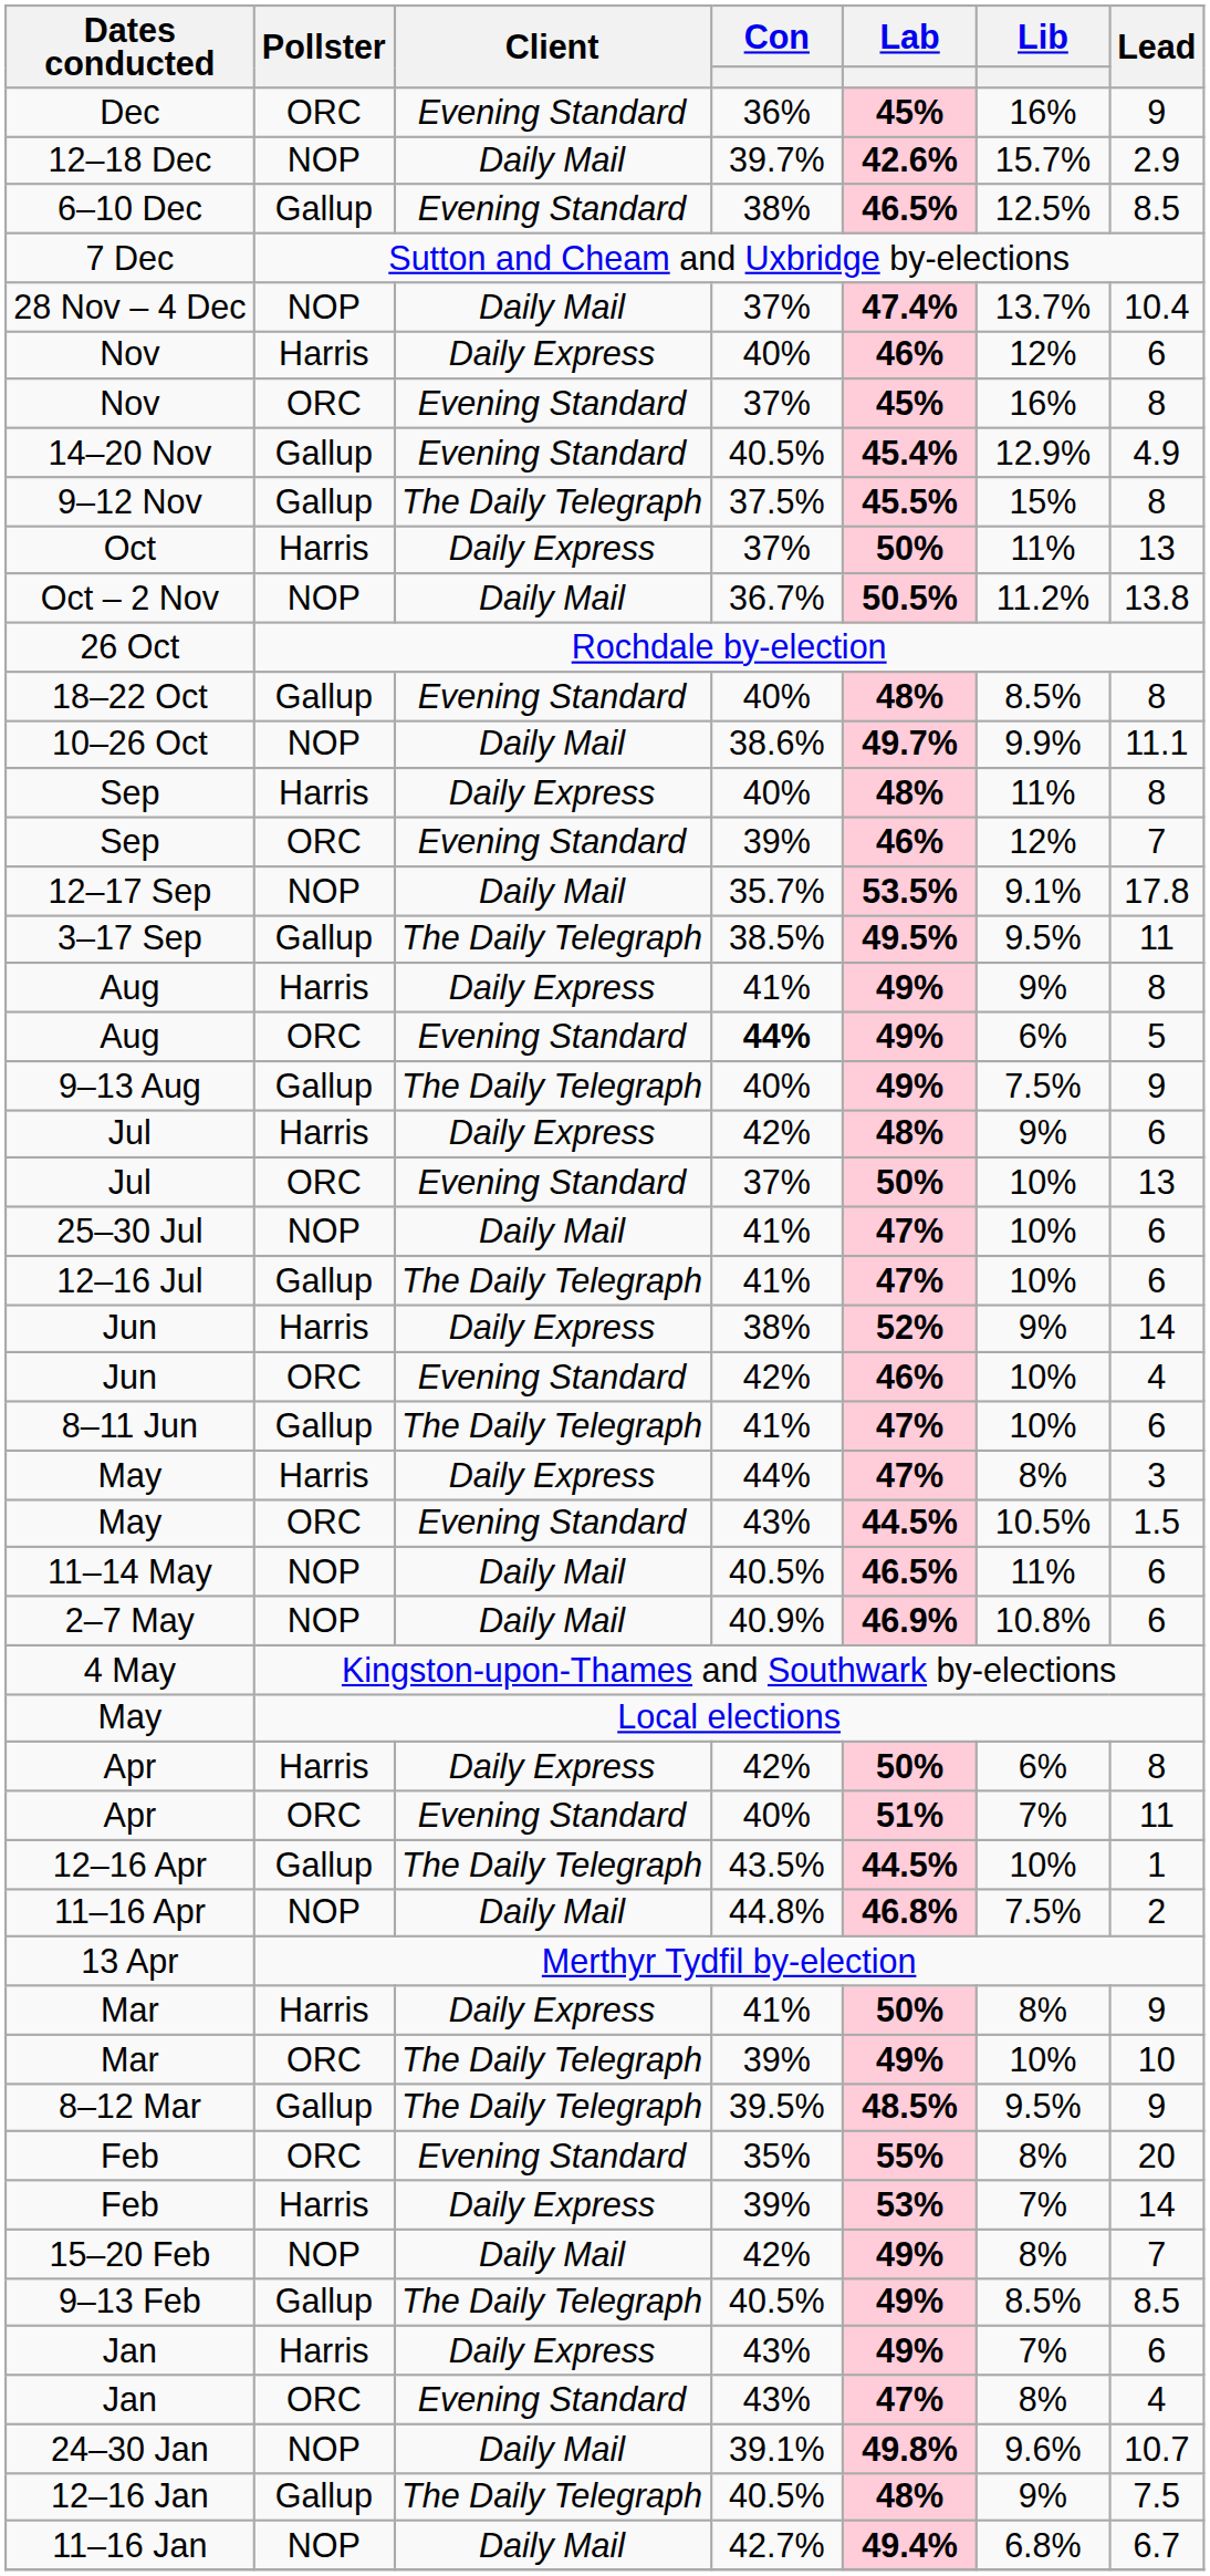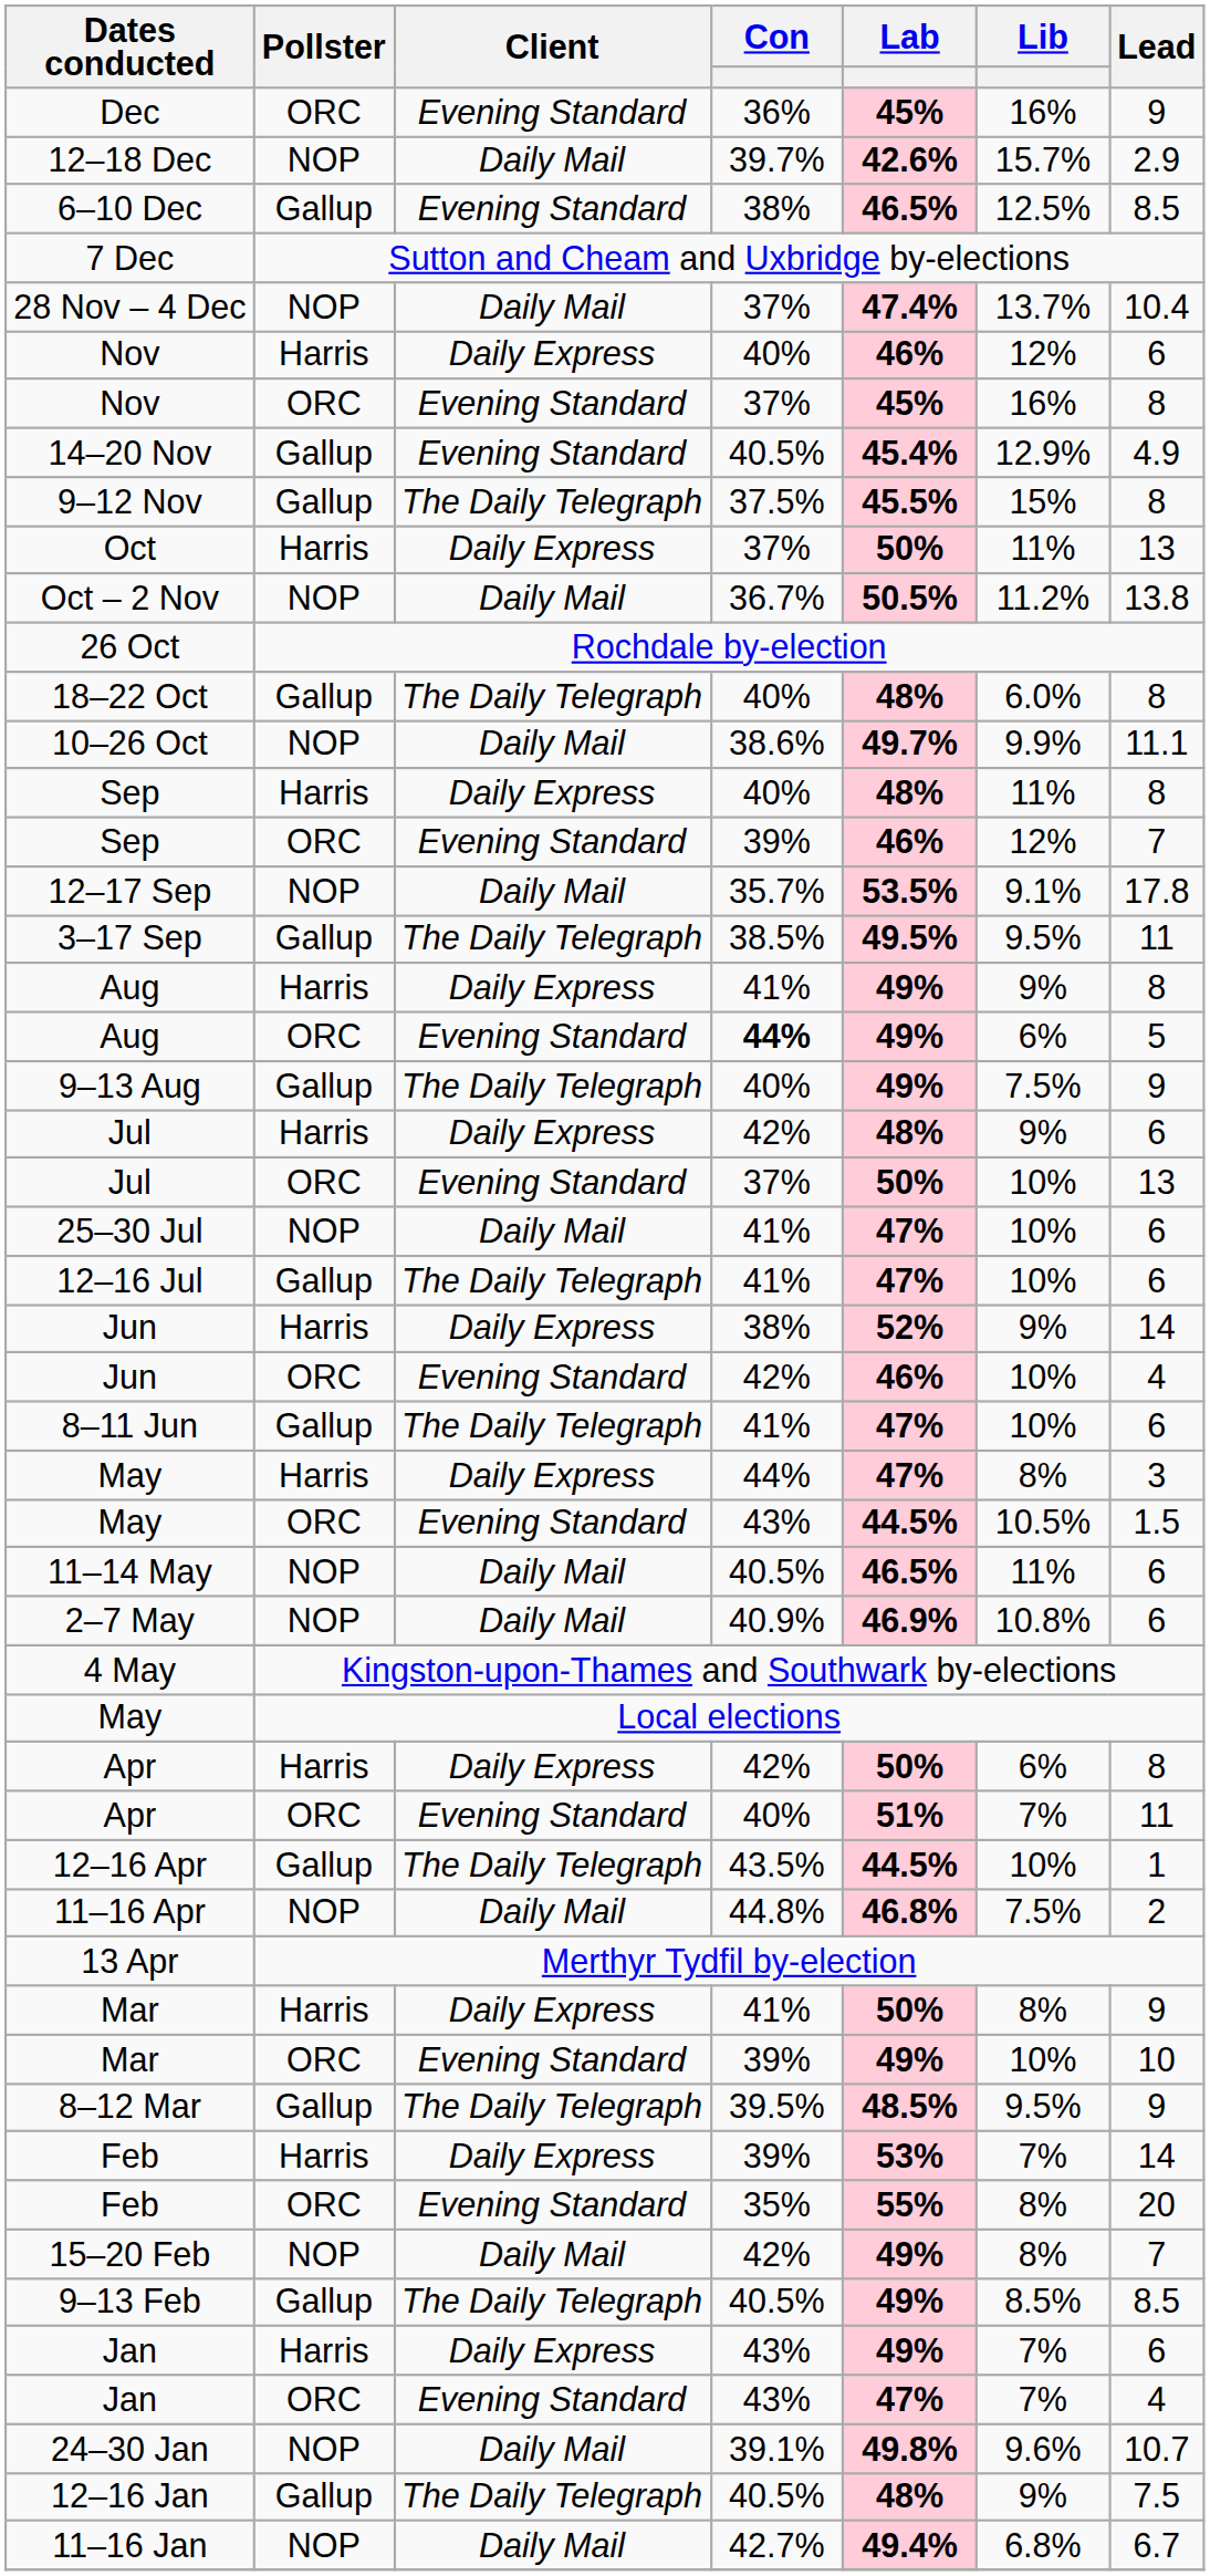 <table class="wikitable sortable mw-datatable" style="text-align:center;font-size:90%;line-height:14px;">
 <tr>
 <th rowspan="2">Dates<br>conducted</th>
 <th rowspan="2">Pollster</th>
 <th rowspan="2">Client</th>
 <th class="unsortable" style="width:50px;"><a href='#'>Con</a></th>
 <th class="unsortable" style="width:50px;"><a href='#'>Lab</a></th>
 <th class="unsortable" style="width:50px;"><a href='#'>Lib</a></th>
 <th rowspan="2">Lead</th>
 </tr>
 <tr>
 <th style="background:"></th>
 <th style="background:"></th>
 <th style="background:"></th>
 </tr>
 <tr>
 <td>Dec</td>
 <td>ORC</td>
 <td><em>Evening Standard</em></td>
 <td>36%</td>
 <td style="background:#FFCCDA;"><strong>45%</strong></td>
 <td>16%</td>
 <td style="background:">9</td>
 </tr>
 <tr>
 <td>12–18 Dec</td>
 <td>NOP</td>
 <td><em>Daily Mail</em></td>
 <td>39.7%</td>
 <td style="background:#FFCCDA;"><strong>42.6%</strong></td>
 <td>15.7%</td>
 <td style="background:">2.9</td>
 </tr>
 <tr>
 <td>6–10 Dec</td>
 <td>Gallup</td>
 <td><em>Evening Standard</em></td>
 <td>38%</td>
 <td style="background:#FFCCDA;"><strong>46.5%</strong></td>
 <td>12.5%</td>
 <td style="background:">8.5</td>
 </tr>
 <tr>
 <td>7 Dec</td>
 <td colspan="6"><a href='#'>Sutton and Cheam</a> and <a href='#'>Uxbridge</a> by-elections</td>
 </tr>
 <tr>
 <td>28 Nov – 4 Dec</td>
 <td>NOP</td>
 <td><em>Daily Mail</em></td>
 <td>37%</td>
 <td style="background:#FFCCDA;"><strong>47.4%</strong></td>
 <td>13.7%</td>
 <td style="background:">10.4</td>
 </tr>
 <tr>
 <td>Nov</td>
 <td>Harris</td>
 <td><em>Daily Express</em></td>
 <td>40%</td>
 <td style="background:#FFCCDA;"><strong>46%</strong></td>
 <td>12%</td>
 <td style="background:">6</td>
 </tr>
 <tr>
 <td>Nov</td>
 <td>ORC</td>
 <td><em>Evening Standard</em></td>
 <td>37%</td>
 <td style="background:#FFCCDA;"><strong>45%</strong></td>
 <td>16%</td>
 <td style="background:">8</td>
 </tr>
 <tr>
 <td>14–20 Nov</td>
 <td>Gallup</td>
 <td><em>Evening Standard</em></td>
 <td>40.5%</td>
 <td style="background:#FFCCDA;"><strong>45.4%</strong></td>
 <td>12.9%</td>
 <td style="background:">4.9</td>
 </tr>
 <tr>
 <td>9–12 Nov</td>
 <td>Gallup</td>
 <td><em>The Daily Telegraph</em></td>
 <td>37.5%</td>
 <td style="background:#FFCCDA;"><strong>45.5%</strong></td>
 <td>15%</td>
 <td style="background:">8</td>
 </tr>
 <tr>
 <td>Oct</td>
 <td>Harris</td>
 <td><em>Daily Express</em></td>
 <td>37%</td>
 <td style="background:#FFCCDA;"><strong>50%</strong></td>
 <td>11%</td>
 <td style="background:">13</td>
 </tr>
 <tr>
 <td>Oct – 2 Nov</td>
 <td>NOP</td>
 <td><em>Daily Mail</em></td>
 <td>36.7%</td>
 <td style="background:#FFCCDA;"><strong>50.5%</strong></td>
 <td>11.2%</td>
 <td style="background:">13.8</td>
 </tr>
 <tr>
 <td>26 Oct</td>
 <td colspan="6"><a href='#'>Rochdale by-election</a></td>
 </tr>
 <tr>
 <td>18–22 Oct</td>
 <td>Gallup</td>
-<td><em>Evening Standard</em></td>
+<td><em>The Daily Telegraph</em></td>
 <td>40%</td>
 <td style="background:#FFCCDA;"><strong>48%</strong></td>
-<td>8.5%</td>
+<td>6.0%</td>
 <td style="background:">8</td>
 </tr>
 <tr>
 <td>10–26 Oct</td>
 <td>NOP</td>
 <td><em>Daily Mail</em></td>
 <td>38.6%</td>
 <td style="background:#FFCCDA;"><strong>49.7%</strong></td>
 <td>9.9%</td>
 <td style="background:">11.1</td>
 </tr>
 <tr>
 <td>Sep</td>
 <td>Harris</td>
 <td><em>Daily Express</em></td>
 <td>40%</td>
 <td style="background:#FFCCDA;"><strong>48%</strong></td>
 <td>11%</td>
 <td style="background:">8</td>
 </tr>
 <tr>
 <td>Sep</td>
 <td>ORC</td>
 <td><em>Evening Standard</em></td>
 <td>39%</td>
 <td style="background:#FFCCDA;"><strong>46%</strong></td>
 <td>12%</td>
 <td style="background:">7</td>
 </tr>
 <tr>
 <td>12–17 Sep</td>
 <td>NOP</td>
 <td><em>Daily Mail</em></td>
 <td>35.7%</td>
 <td style="background:#FFCCDA;"><strong>53.5%</strong></td>
 <td>9.1%</td>
 <td style="background:">17.8</td>
 </tr>
 <tr>
 <td>3–17 Sep</td>
 <td>Gallup</td>
 <td><em>The Daily Telegraph</em></td>
 <td>38.5%</td>
 <td style="background:#FFCCDA;"><strong>49.5%</strong></td>
 <td>9.5%</td>
 <td style="background:">11</td>
 </tr>
 <tr>
 <td>Aug</td>
 <td>Harris</td>
 <td><em>Daily Express</em></td>
 <td>41%</td>
 <td style="background:#FFCCDA;"><strong>49%</strong></td>
 <td>9%</td>
 <td style="background:">8</td>
 </tr>
 <tr>
 <td>Aug</td>
 <td>ORC</td>
 <td><em>Evening Standard</em></td>
 <td><strong>44%</strong></td>
 <td style="background:#FFCCDA;"><strong>49%</strong></td>
 <td>6%</td>
 <td style="background:">5</td>
 </tr>
 <tr>
 <td>9–13 Aug</td>
 <td>Gallup</td>
 <td><em>The Daily Telegraph</em></td>
 <td>40%</td>
 <td style="background:#FFCCDA;"><strong>49%</strong></td>
 <td>7.5%</td>
 <td style="background:">9</td>
 </tr>
 <tr>
 <td>Jul</td>
 <td>Harris</td>
 <td><em>Daily Express</em></td>
 <td>42%</td>
 <td style="background:#FFCCDA;"><strong>48%</strong></td>
 <td>9%</td>
 <td style="background:">6</td>
 </tr>
 <tr>
 <td>Jul</td>
 <td>ORC</td>
 <td><em>Evening Standard</em></td>
 <td>37%</td>
 <td style="background:#FFCCDA;"><strong>50%</strong></td>
 <td>10%</td>
 <td style="background:">13</td>
 </tr>
 <tr>
 <td>25–30 Jul</td>
 <td>NOP</td>
 <td><em>Daily Mail</em></td>
 <td>41%</td>
 <td style="background:#FFCCDA;"><strong>47%</strong></td>
 <td>10%</td>
 <td style="background:">6</td>
 </tr>
 <tr>
 <td>12–16 Jul</td>
 <td>Gallup</td>
 <td><em>The Daily Telegraph</em></td>
 <td>41%</td>
 <td style="background:#FFCCDA;"><strong>47%</strong></td>
 <td>10%</td>
 <td style="background:">6</td>
 </tr>
 <tr>
 <td>Jun</td>
 <td>Harris</td>
 <td><em>Daily Express</em></td>
 <td>38%</td>
 <td style="background:#FFCCDA;"><strong>52%</strong></td>
 <td>9%</td>
 <td style="background:">14</td>
 </tr>
 <tr>
 <td>Jun</td>
 <td>ORC</td>
 <td><em>Evening Standard</em></td>
 <td>42%</td>
 <td style="background:#FFCCDA;"><strong>46%</strong></td>
 <td>10%</td>
 <td style="background:">4</td>
 </tr>
 <tr>
 <td>8–11 Jun</td>
 <td>Gallup</td>
 <td><em>The Daily Telegraph</em></td>
 <td>41%</td>
 <td style="background:#FFCCDA;"><strong>47%</strong></td>
 <td>10%</td>
 <td style="background:">6</td>
 </tr>
 <tr>
 <td>May</td>
 <td>Harris</td>
 <td><em>Daily Express</em></td>
 <td>44%</td>
 <td style="background:#FFCCDA;"><strong>47%</strong></td>
 <td>8%</td>
 <td style="background:">3</td>
 </tr>
 <tr>
 <td>May</td>
 <td>ORC</td>
 <td><em>Evening Standard</em></td>
 <td>43%</td>
 <td style="background:#FFCCDA;"><strong>44.5%</strong></td>
 <td>10.5%</td>
 <td style="background:">1.5</td>
 </tr>
 <tr>
 <td>11–14 May</td>
 <td>NOP</td>
 <td><em>Daily Mail</em></td>
 <td>40.5%</td>
 <td style="background:#FFCCDA;"><strong>46.5%</strong></td>
 <td>11%</td>
 <td style="background:">6</td>
 </tr>
 <tr>
 <td>2–7 May</td>
 <td>NOP</td>
 <td><em>Daily Mail</em></td>
 <td>40.9%</td>
 <td style="background:#FFCCDA;"><strong>46.9%</strong></td>
 <td>10.8%</td>
 <td style="background:">6</td>
 </tr>
 <tr>
 <td>4 May</td>
 <td colspan="6"><a href='#'>Kingston-upon-Thames</a> and <a href='#'>Southwark</a> by-elections</td>
 </tr>
 <tr>
 <td>May</td>
 <td colspan="6"><a href='#'>Local elections</a></td>
 </tr>
 <tr>
 <td>Apr</td>
 <td>Harris</td>
 <td><em>Daily Express</em></td>
 <td>42%</td>
 <td style="background:#FFCCDA;"><strong>50%</strong></td>
 <td>6%</td>
 <td style="background:">8</td>
 </tr>
 <tr>
 <td>Apr</td>
 <td>ORC</td>
 <td><em>Evening Standard</em></td>
 <td>40%</td>
 <td style="background:#FFCCDA;"><strong>51%</strong></td>
 <td>7%</td>
 <td style="background:">11</td>
 </tr>
 <tr>
 <td>12–16 Apr</td>
 <td>Gallup</td>
 <td><em>The Daily Telegraph</em></td>
 <td>43.5%</td>
 <td style="background:#FFCCDA;"><strong>44.5%</strong></td>
 <td>10%</td>
 <td style="background:">1</td>
 </tr>
 <tr>
 <td>11–16 Apr</td>
 <td>NOP</td>
 <td><em>Daily Mail</em></td>
 <td>44.8%</td>
 <td style="background:#FFCCDA;"><strong>46.8%</strong></td>
 <td>7.5%</td>
 <td style="background:">2</td>
 </tr>
 <tr>
 <td>13 Apr</td>
 <td colspan="6"><a href='#'>Merthyr Tydfil by-election</a></td>
 </tr>
 <tr>
 <td>Mar</td>
 <td>Harris</td>
 <td><em>Daily Express</em></td>
 <td>41%</td>
 <td style="background:#FFCCDA;"><strong>50%</strong></td>
 <td>8%</td>
 <td style="background:">9</td>
 </tr>
 <tr>
 <td>Mar</td>
 <td>ORC</td>
-<td><em>The Daily Telegraph</em></td>
+<td><em>Evening Standard</em></td>
 <td>39%</td>
 <td style="background:#FFCCDA;"><strong>49%</strong></td>
 <td>10%</td>
 <td style="background:">10</td>
 </tr>
 <tr>
 <td>8–12 Mar</td>
 <td>Gallup</td>
 <td><em>The Daily Telegraph</em></td>
 <td>39.5%</td>
 <td style="background:#FFCCDA;"><strong>48.5%</strong></td>
 <td>9.5%</td>
 <td style="background:">9</td>
 </tr>
 <tr>
 <td>Feb</td>
+<td>Harris</td>
+<td><em>Daily Express</em></td>
+<td>39%</td>
+<td style="background:#FFCCDA;"><strong>53%</strong></td>
+<td>7%</td>
+<td style="background:">14</td>
+</tr>
+<tr>
+<td>Feb</td>
 <td>ORC</td>
 <td><em>Evening Standard</em></td>
 <td>35%</td>
 <td style="background:#FFCCDA;"><strong>55%</strong></td>
 <td>8%</td>
 <td style="background:">20</td>
-</tr>
-<tr>
-<td>Feb</td>
-<td>Harris</td>
-<td><em>Daily Express</em></td>
-<td>39%</td>
-<td style="background:#FFCCDA;"><strong>53%</strong></td>
-<td>7%</td>
-<td style="background:">14</td>
 </tr>
 <tr>
 <td>15–20 Feb</td>
 <td>NOP</td>
 <td><em>Daily Mail</em></td>
 <td>42%</td>
 <td style="background:#FFCCDA;"><strong>49%</strong></td>
 <td>8%</td>
 <td style="background:">7</td>
 </tr>
 <tr>
 <td>9–13 Feb</td>
 <td>Gallup</td>
 <td><em>The Daily Telegraph</em></td>
 <td>40.5%</td>
 <td style="background:#FFCCDA;"><strong>49%</strong></td>
 <td>8.5%</td>
 <td style="background:">8.5</td>
 </tr>
 <tr>
 <td>Jan</td>
 <td>Harris</td>
 <td><em>Daily Express</em></td>
 <td>43%</td>
 <td style="background:#FFCCDA;"><strong>49%</strong></td>
 <td>7%</td>
 <td style="background:">6</td>
 </tr>
 <tr>
 <td>Jan</td>
 <td>ORC</td>
 <td><em>Evening Standard</em></td>
 <td>43%</td>
 <td style="background:#FFCCDA;"><strong>47%</strong></td>
-<td>8%</td>
+<td>7%</td>
 <td style="background:">4</td>
 </tr>
 <tr>
 <td>24–30 Jan</td>
 <td>NOP</td>
 <td><em>Daily Mail</em></td>
 <td>39.1%</td>
 <td style="background:#FFCCDA;"><strong>49.8%</strong></td>
 <td>9.6%</td>
 <td style="background:">10.7</td>
 </tr>
 <tr>
 <td>12–16 Jan</td>
 <td>Gallup</td>
 <td><em>The Daily Telegraph</em></td>
 <td>40.5%</td>
 <td style="background:#FFCCDA;"><strong>48%</strong></td>
 <td>9%</td>
 <td style="background:">7.5</td>
 </tr>
 <tr>
 <td>11–16 Jan</td>
 <td>NOP</td>
 <td><em>Daily Mail</em></td>
 <td>42.7%</td>
 <td style="background:#FFCCDA;"><strong>49.4%</strong></td>
 <td>6.8%</td>
 <td style="background:">6.7</td>
 </tr>
 <tr>
 </tr>
 </table>
